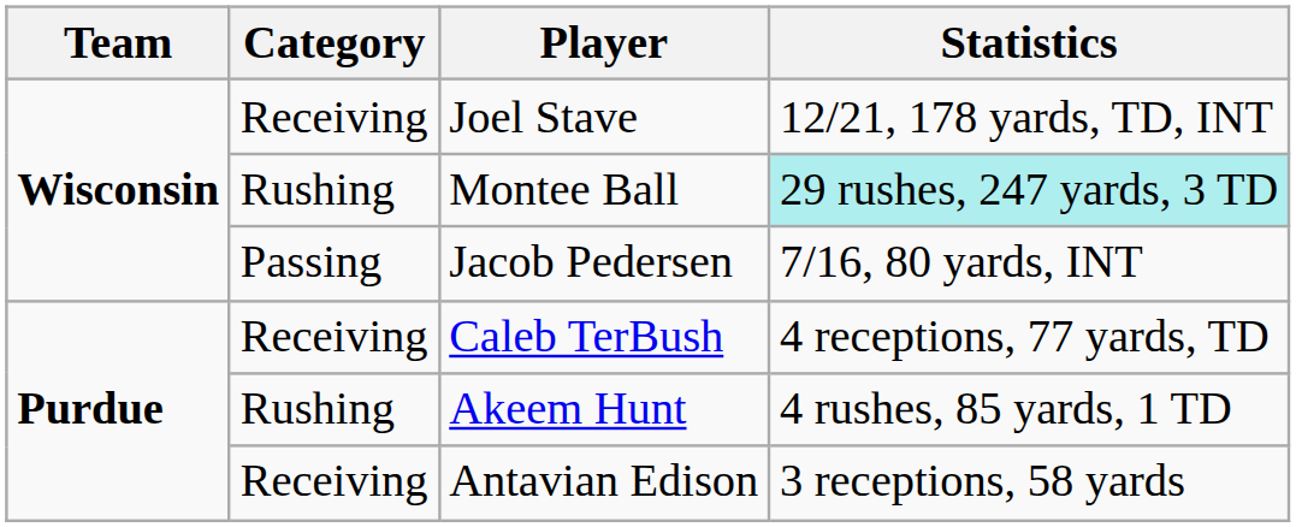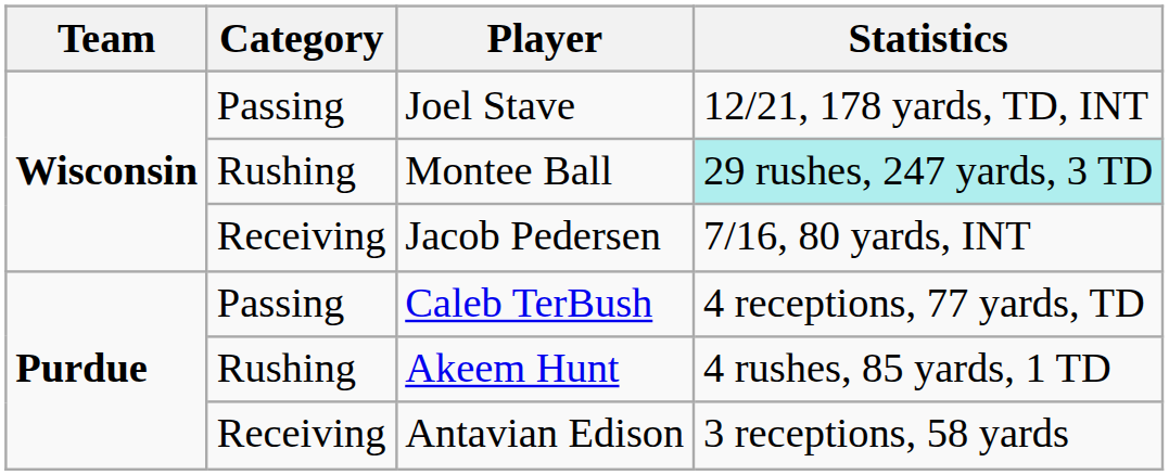 <table class="wikitable" style="float: right;">
 <tr>
 <th>Team</th>
 <th>Category</th>
 <th>Player</th>
 <th>Statistics</th>
 </tr>
 <tr>
 <td rowspan=3><strong>Wisconsin</strong></td>
-<td>Receiving</td>
+<td>Passing</td>
 <td>Joel Stave</td>
 <td>12/21, 178 yards, TD, INT</td>
 </tr>
 <tr>
 <td>Rushing</td>
 <td>Montee Ball</td>
 <td style="background: paleturquoise;">29 rushes, 247 yards, 3 TD</td>
 </tr>
 <tr>
-<td>Passing</td>
+<td>Receiving</td>
 <td>Jacob Pedersen</td>
 <td>7/16, 80 yards, INT</td>
 </tr>
 <tr>
 <td rowspan=3><strong>Purdue</strong></td>
-<td>Receiving</td>
+<td>Passing</td>
 <td><a href='#'>Caleb TerBush</a></td>
 <td>4 receptions, 77 yards, TD</td>
 </tr>
 <tr>
 <td>Rushing</td>
 <td><a href='#'>Akeem Hunt</a></td>
 <td>4 rushes, 85 yards, 1 TD</td>
 </tr>
 <tr>
 <td>Receiving</td>
 <td>Antavian Edison</td>
 <td>3 receptions, 58 yards</td>
 </tr>
 </table>
